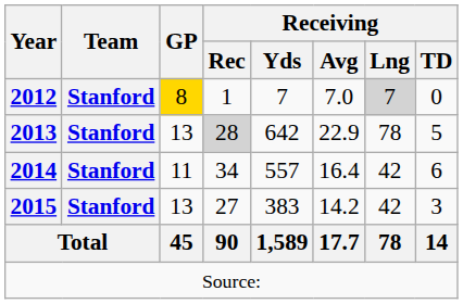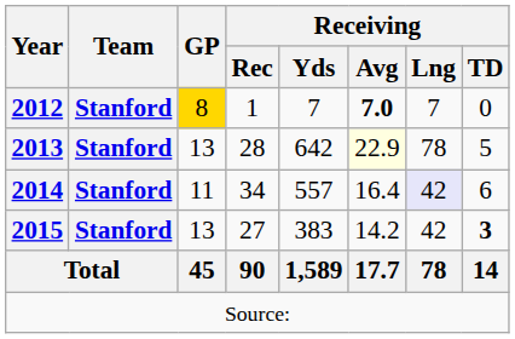 <table class="wikitable" style="text-align:center;">
 <tr>
 <th rowspan="2">Year</th>
 <th rowspan="2">Team</th>
 <th rowspan="2">GP</th>
 <th colspan="5">Receiving</th>
 </tr>
 <tr>
 <th>Rec</th>
 <th>Yds</th>
 <th>Avg</th>
 <th>Lng</th>
 <th>TD</th>
 </tr>
 <tr>
 <th><a href='#'>2012</a></th>
 <th><a href='#'>Stanford</a></th>
 <td style="background: gold;">8</td>
 <td>1</td>
 <td>7</td>
-<td>7.0</td>
-<td style="background: lightgrey;">7</td>
+<td><strong>7.0</strong></td>
+<td>7</td>
 <td>0</td>
 </tr>
 <tr>
 <th><a href='#'>2013</a></th>
 <th><a href='#'>Stanford</a></th>
 <td>13</td>
-<td style="background: lightgrey;">28</td>
+<td>28</td>
 <td>642</td>
-<td>22.9</td>
+<td style="background: lightyellow;">22.9</td>
 <td>78</td>
 <td>5</td>
 </tr>
 <tr>
 <th><a href='#'>2014</a></th>
 <th><a href='#'>Stanford</a></th>
 <td>11</td>
 <td>34</td>
 <td>557</td>
 <td>16.4</td>
-<td>42</td>
+<td style="background: lavender;">42</td>
 <td>6</td>
 </tr>
 <tr>
 <th><a href='#'>2015</a></th>
 <th><a href='#'>Stanford</a></th>
 <td>13</td>
 <td>27</td>
 <td>383</td>
 <td>14.2</td>
 <td>42</td>
-<td>3</td>
+<td><strong>3</strong></td>
 </tr>
 <tr>
 <th colspan="2">Total</th>
 <th>45</th>
 <th>90</th>
 <th>1,589</th>
 <th>17.7</th>
 <th>78</th>
 <th>14</th>
 </tr>
 <tr>
 <td colspan="8"><small>Source: </small></td>
 </tr>
 </table>
